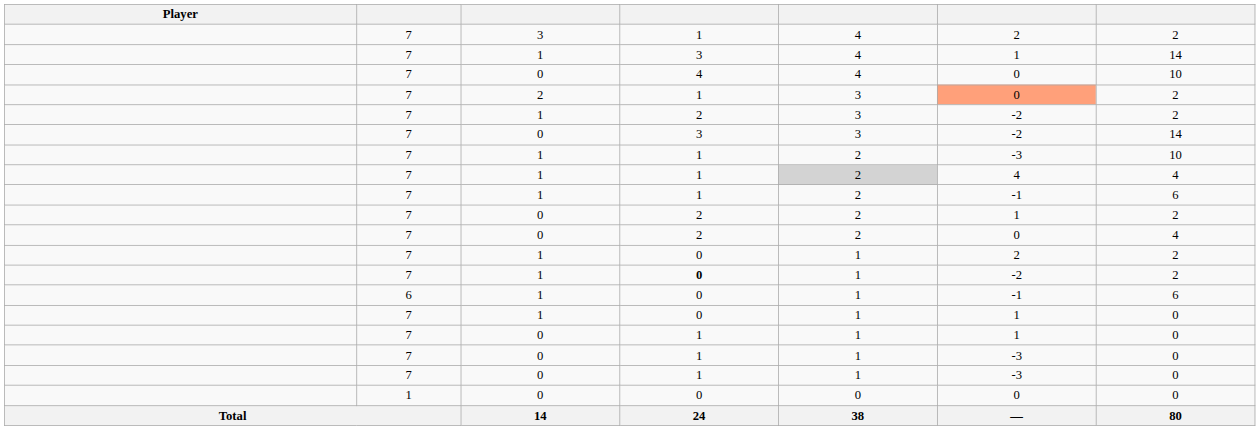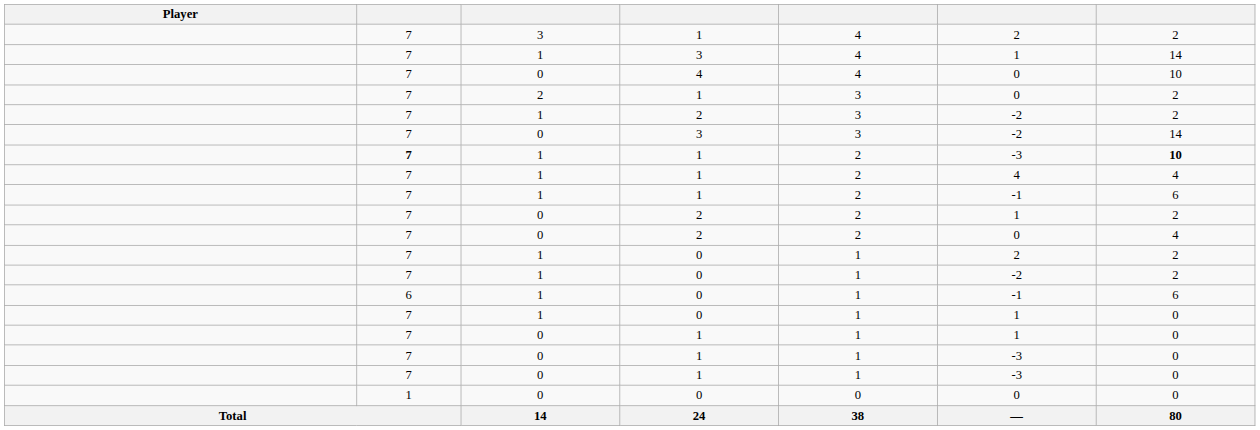 <table class="wikitable sortable" style="width:100%; text-align:center;">
 <tr>
 <th>Player</th>
 <th></th>
 <th></th>
 <th></th>
 <th></th>
 <th data-sort-type="number"></th>
 <th></th>
 </tr>
 <tr>
 <td></td>
 <td>7</td>
 <td>3</td>
 <td>1</td>
 <td>4</td>
 <td>2</td>
 <td>2</td>
 </tr>
 <tr>
 <td></td>
 <td>7</td>
 <td>1</td>
 <td>3</td>
 <td>4</td>
 <td>1</td>
 <td>14</td>
 </tr>
 <tr>
 <td></td>
 <td>7</td>
 <td>0</td>
 <td>4</td>
 <td>4</td>
 <td>0</td>
 <td>10</td>
 </tr>
 <tr>
 <td></td>
 <td>7</td>
 <td>2</td>
 <td>1</td>
 <td>3</td>
-<td style="background: lightsalmon;">0</td>
+<td>0</td>
 <td>2</td>
 </tr>
 <tr>
 <td></td>
 <td>7</td>
 <td>1</td>
 <td>2</td>
 <td>3</td>
 <td>-2</td>
 <td>2</td>
 </tr>
 <tr>
 <td></td>
 <td>7</td>
 <td>0</td>
 <td>3</td>
 <td>3</td>
 <td>-2</td>
 <td>14</td>
 </tr>
 <tr>
 <td></td>
-<td>7</td>
+<td><strong>7</strong></td>
 <td>1</td>
 <td>1</td>
 <td>2</td>
 <td>-3</td>
-<td>10</td>
+<td><strong>10</strong></td>
 </tr>
 <tr>
 <td></td>
 <td>7</td>
 <td>1</td>
 <td>1</td>
-<td style="background: lightgrey;">2</td>
+<td>2</td>
 <td>4</td>
 <td>4</td>
 </tr>
 <tr>
 <td></td>
 <td>7</td>
 <td>1</td>
 <td>1</td>
 <td>2</td>
 <td>-1</td>
 <td>6</td>
 </tr>
 <tr>
 <td></td>
 <td>7</td>
 <td>0</td>
 <td>2</td>
 <td>2</td>
 <td>1</td>
 <td>2</td>
 </tr>
 <tr>
 <td></td>
 <td>7</td>
 <td>0</td>
 <td>2</td>
 <td>2</td>
 <td>0</td>
 <td>4</td>
 </tr>
 <tr>
 <td></td>
 <td>7</td>
 <td>1</td>
 <td>0</td>
 <td>1</td>
 <td>2</td>
 <td>2</td>
 </tr>
 <tr>
 <td></td>
 <td>7</td>
 <td>1</td>
-<td><strong>0</strong></td>
+<td>0</td>
 <td>1</td>
 <td>-2</td>
 <td>2</td>
 </tr>
 <tr>
 <td></td>
 <td>6</td>
 <td>1</td>
 <td>0</td>
 <td>1</td>
 <td>-1</td>
 <td>6</td>
 </tr>
 <tr>
 <td></td>
 <td>7</td>
 <td>1</td>
 <td>0</td>
 <td>1</td>
 <td>1</td>
 <td>0</td>
 </tr>
 <tr>
 <td></td>
 <td>7</td>
 <td>0</td>
 <td>1</td>
 <td>1</td>
 <td>1</td>
 <td>0</td>
 </tr>
 <tr>
 <td></td>
 <td>7</td>
 <td>0</td>
 <td>1</td>
 <td>1</td>
 <td>-3</td>
 <td>0</td>
 </tr>
 <tr>
 <td></td>
 <td>7</td>
 <td>0</td>
 <td>1</td>
 <td>1</td>
 <td>-3</td>
 <td>0</td>
 </tr>
 <tr>
 <td></td>
 <td>1</td>
 <td>0</td>
 <td>0</td>
 <td>0</td>
 <td>0</td>
 <td>0</td>
 </tr>
 <tr class="sortbottom">
 <th colspan=2>Total</th>
 <th>14</th>
 <th>24</th>
 <th>38</th>
 <th>—</th>
 <th>80</th>
 </tr>
 </table>
